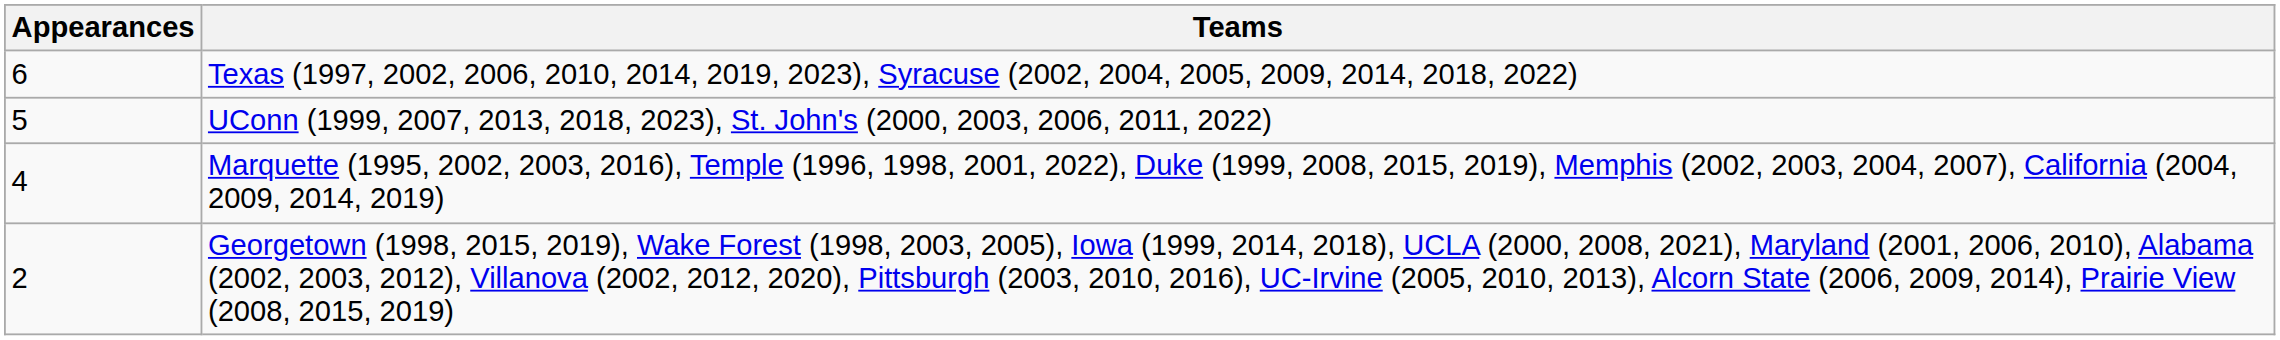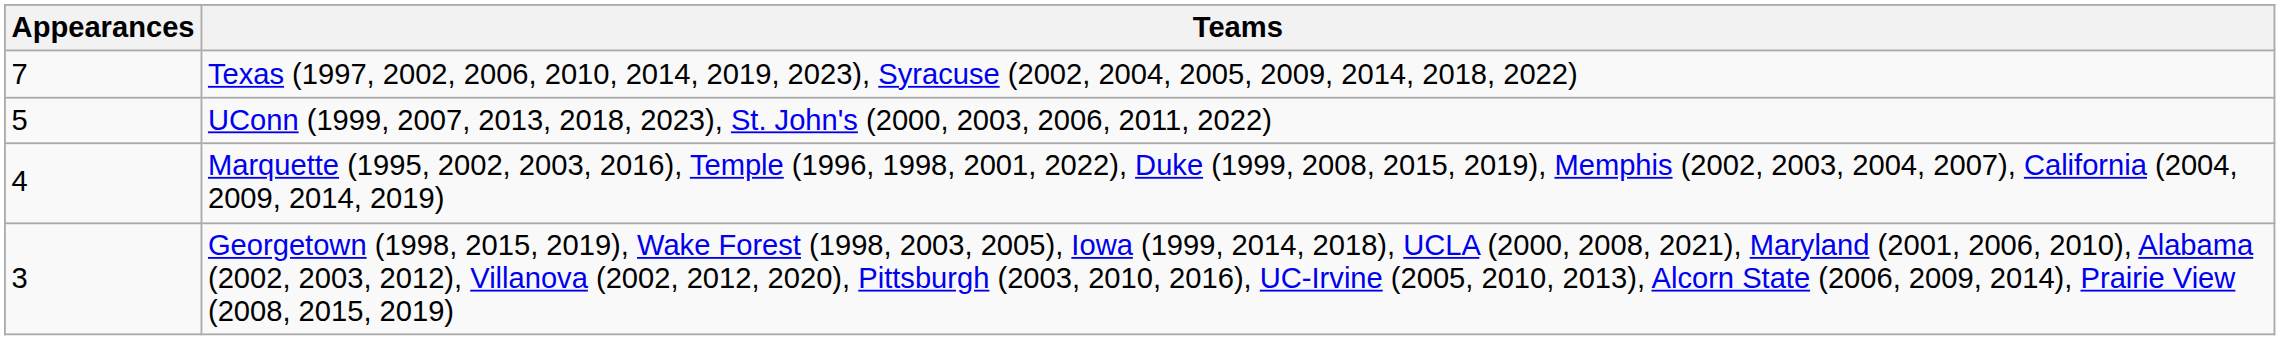 <table class="wikitable">
 <tr>
 <th>Appearances</th>
 <th>Teams</th>
 </tr>
 <tr>
-<td>6</td>
+<td>7</td>
 <td><a href='#'>Texas</a> (1997, 2002, 2006, 2010, 2014, 2019, 2023), <a href='#'>Syracuse</a> (2002, 2004, 2005, 2009, 2014, 2018, 2022)</td>
 </tr>
 <tr>
 <td>5</td>
 <td><a href='#'>UConn</a> (1999, 2007, 2013, 2018, 2023), <a href='#'>St. John's</a> (2000, 2003, 2006, 2011, 2022)</td>
 </tr>
 <tr>
 <td>4</td>
 <td><a href='#'>Marquette</a> (1995, 2002, 2003, 2016), <a href='#'>Temple</a> (1996, 1998, 2001, 2022), <a href='#'>Duke</a> (1999, 2008, 2015, 2019), <a href='#'>Memphis</a> (2002, 2003, 2004, 2007), <a href='#'>California</a> (2004, 2009, 2014, 2019)</td>
 </tr>
 <tr>
-<td>2</td>
+<td>3</td>
 <td><a href='#'>Georgetown</a> (1998, 2015, 2019), <a href='#'>Wake Forest</a> (1998, 2003, 2005), <a href='#'>Iowa</a> (1999, 2014, 2018), <a href='#'>UCLA</a> (2000, 2008, 2021), <a href='#'>Maryland</a> (2001, 2006, 2010), <a href='#'>Alabama</a> (2002, 2003, 2012), <a href='#'>Villanova</a> (2002, 2012, 2020), <a href='#'>Pittsburgh</a> (2003, 2010, 2016), <a href='#'>UC-Irvine</a> (2005, 2010, 2013), <a href='#'>Alcorn State</a> (2006, 2009, 2014), <a href='#'>Prairie View</a> (2008, 2015, 2019)</td>
 </tr>
 </table>
